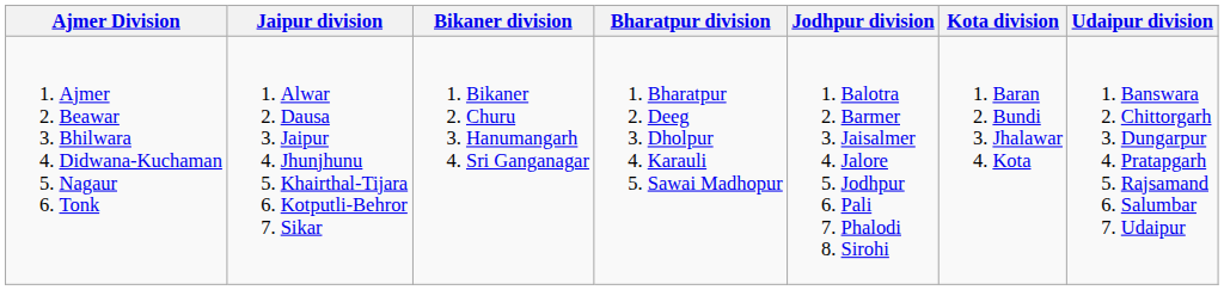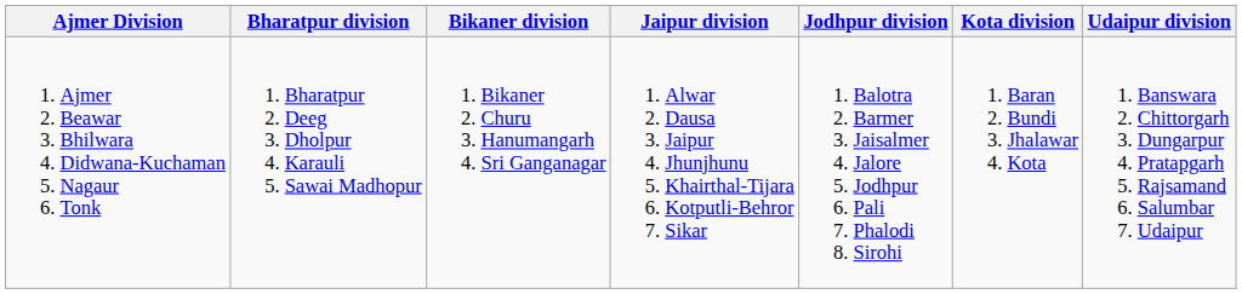 <table class="wikitable" style="text-align: left;">
 <tr>
 <th><a href='#'>Ajmer Division</a></th>
+<th><a href='#'>Bharatpur division</a></th>
+<th><a href='#'>Bikaner division</a></th>
 <th><a href='#'>Jaipur division</a></th>
-<th><a href='#'>Bikaner division</a></th>
-<th><a href='#'>Bharatpur division</a></th>
 <th><a href='#'>Jodhpur division</a></th>
 <th><a href='#'>Kota division</a></th>
 <th><a href='#'>Udaipur division</a></th>
 </tr>
 <tr style="vertical-align: top;">
 <td><br><ol><li><a href='#'>Ajmer</a></li><li><a href='#'>Beawar</a></li><li><a href='#'>Bhilwara</a></li><li><a href='#'>Didwana-Kuchaman</a></li><li><a href='#'>Nagaur</a></li><li><a href='#'>Tonk</a></li></ol></td>
+<td><br><ol><li><a href='#'>Bharatpur</a></li><li><a href='#'>Deeg</a></li><li><a href='#'>Dholpur</a></li><li><a href='#'>Karauli</a></li><li><a href='#'>Sawai Madhopur</a></li></ol></td>
+<td><br><ol><li><a href='#'>Bikaner</a></li><li><a href='#'>Churu</a></li><li><a href='#'>Hanumangarh</a></li><li><a href='#'>Sri Ganganagar</a></li></ol></td>
 <td><br><ol><li><a href='#'>Alwar</a></li><li><a href='#'>Dausa</a></li><li><a href='#'>Jaipur</a></li><li><a href='#'>Jhunjhunu</a></li><li><a href='#'>Khairthal-Tijara</a></li><li><a href='#'>Kotputli-Behror</a></li><li><a href='#'>Sikar</a></li></ol></td>
-<td><br><ol><li><a href='#'>Bikaner</a></li><li><a href='#'>Churu</a></li><li><a href='#'>Hanumangarh</a></li><li><a href='#'>Sri Ganganagar</a></li></ol></td>
-<td><br><ol><li><a href='#'>Bharatpur</a></li><li><a href='#'>Deeg</a></li><li><a href='#'>Dholpur</a></li><li><a href='#'>Karauli</a></li><li><a href='#'>Sawai Madhopur</a></li></ol></td>
 <td><br><ol><li><a href='#'>Balotra</a></li><li><a href='#'>Barmer</a></li><li><a href='#'>Jaisalmer</a></li><li><a href='#'>Jalore</a></li><li><a href='#'>Jodhpur</a></li><li><a href='#'>Pali</a></li><li><a href='#'>Phalodi</a></li><li><a href='#'>Sirohi</a></li></ol></td>
 <td><br><ol><li><a href='#'>Baran</a></li><li><a href='#'>Bundi</a></li><li><a href='#'>Jhalawar</a></li><li><a href='#'>Kota</a></li></ol></td>
 <td><br><ol><li><a href='#'>Banswara</a></li><li><a href='#'>Chittorgarh</a></li><li><a href='#'>Dungarpur</a></li><li><a href='#'>Pratapgarh</a></li><li><a href='#'>Rajsamand</a></li><li><a href='#'>Salumbar</a></li><li><a href='#'>Udaipur</a></li></ol></td>
 </tr>
 </table>
